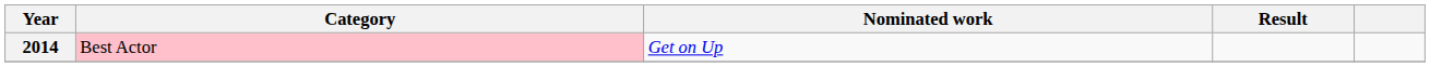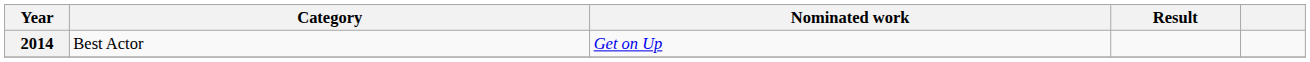 <table class="wikitable plainrowheaders" style="width:100%;">
 <tr>
 <th scope="col" style="width:5%;">Year</th>
 <th scope="col" style="width:40%;">Category</th>
 <th scope="col" style="width:40%;">Nominated work</th>
 <th scope="col" style="width:10%;">Result</th>
 <th scope="col" style="width:5%;"></th>
 </tr>
 <tr>
 <th scope="row" style="text-align:center;">2014</th>
-<td style="background: pink;">Best Actor</td>
+<td>Best Actor</td>
 <td><em><a href='#'>Get on Up</a></em></td>
 <td></td>
 <td style="text-align:center;"></td>
 </tr>
 <tr>
 </tr>
 </table>
